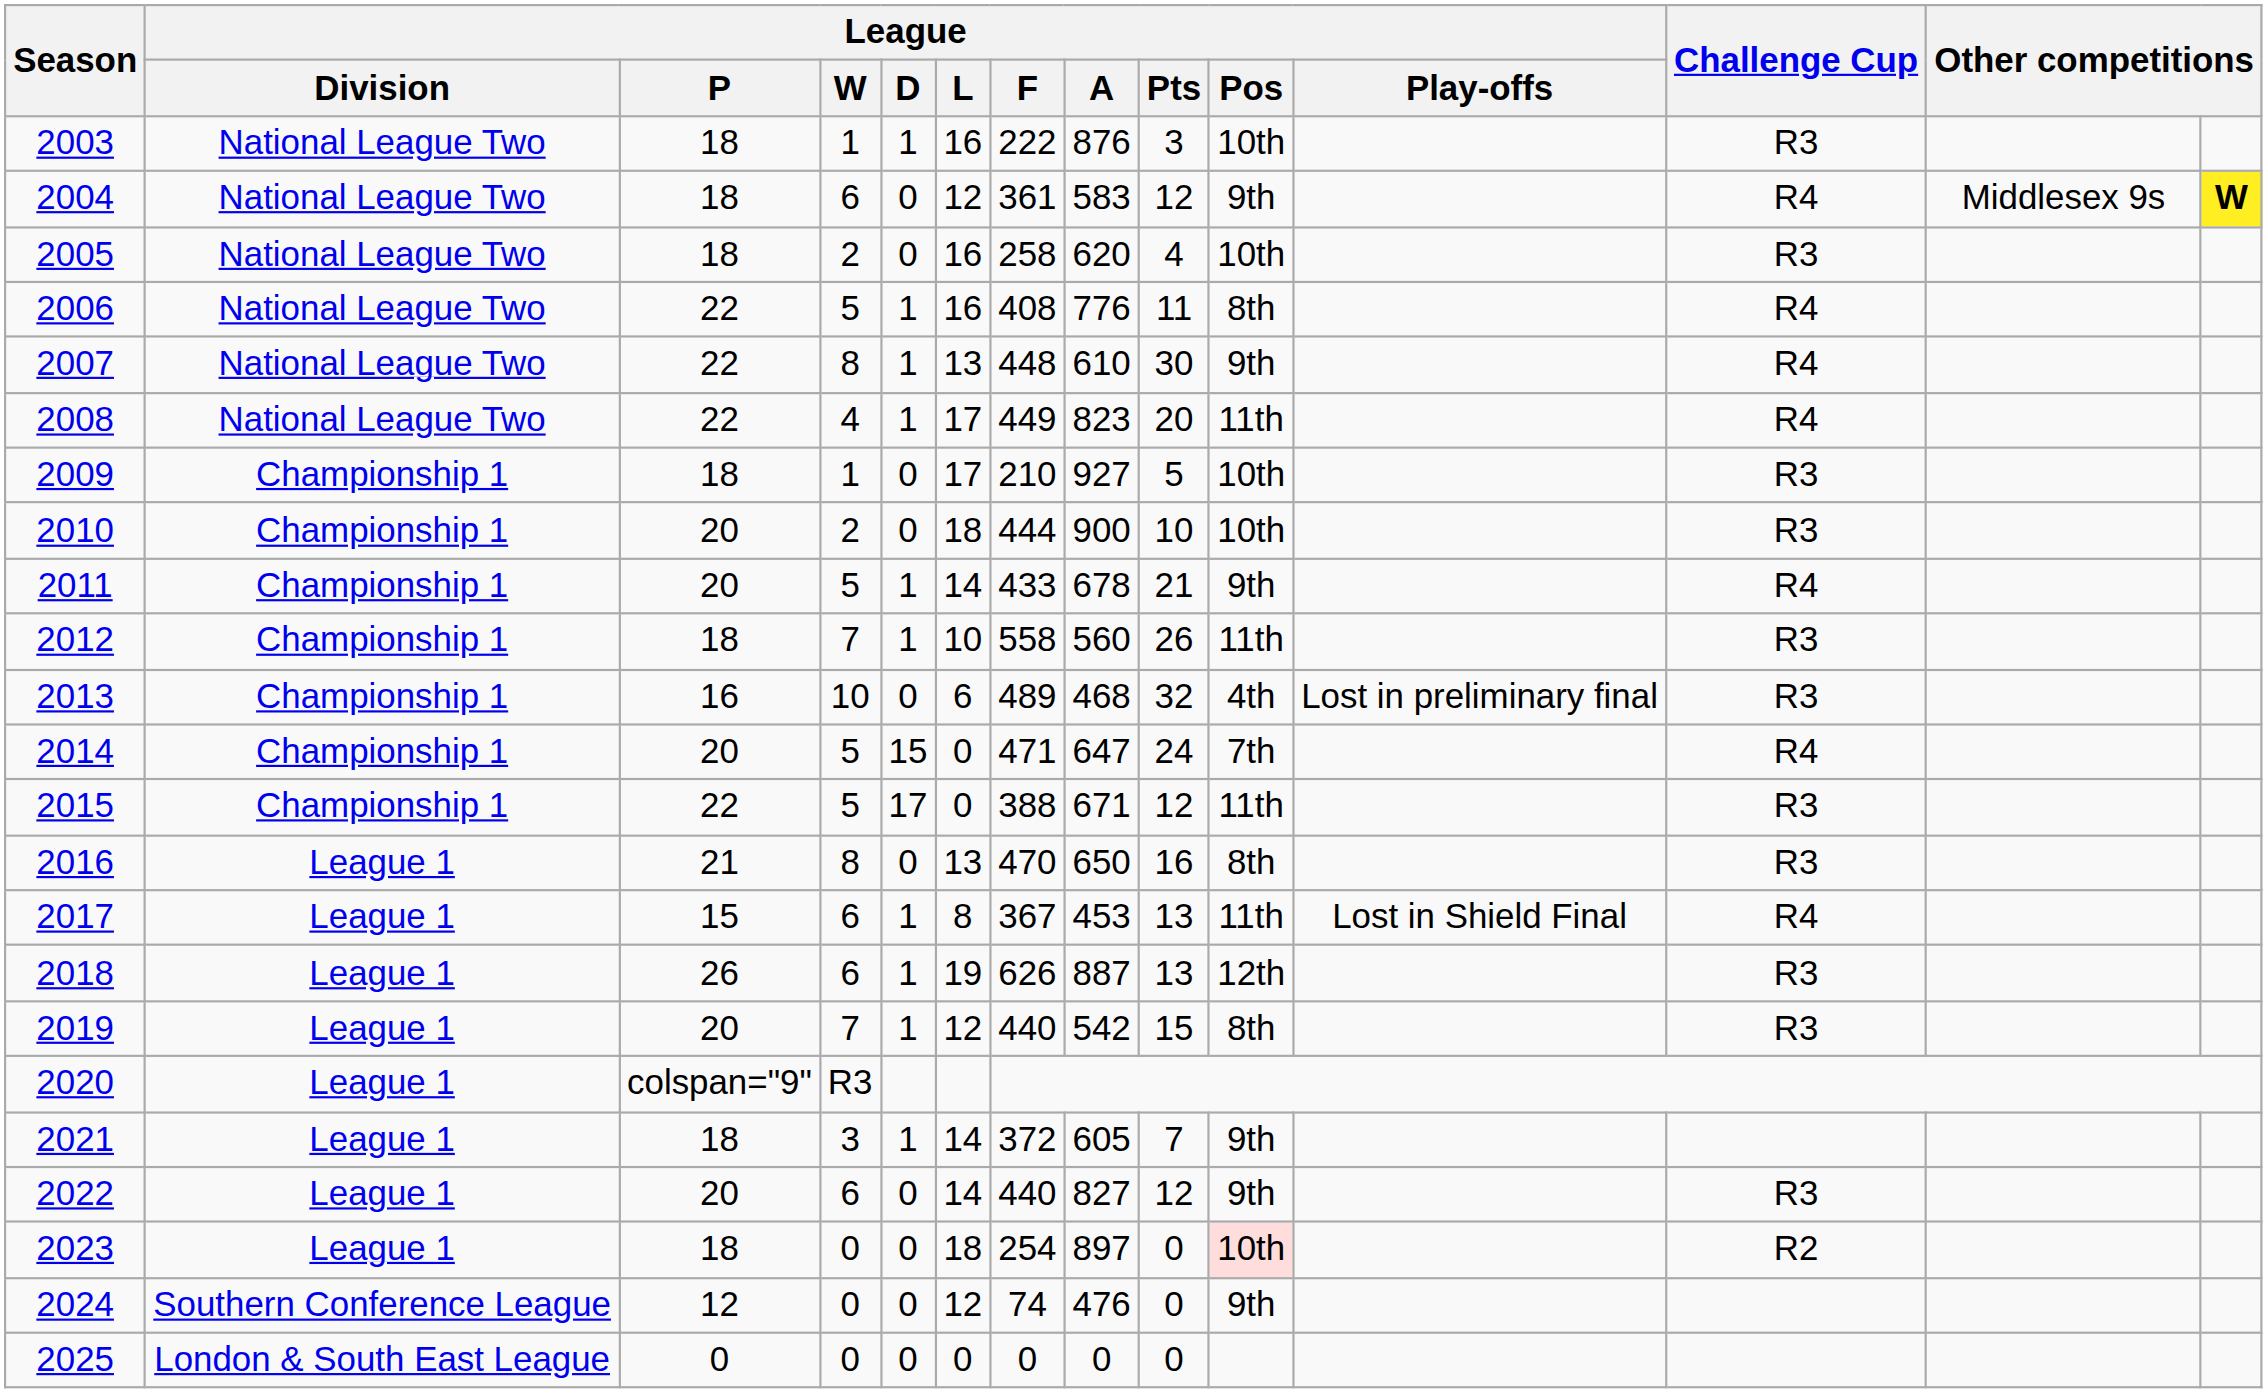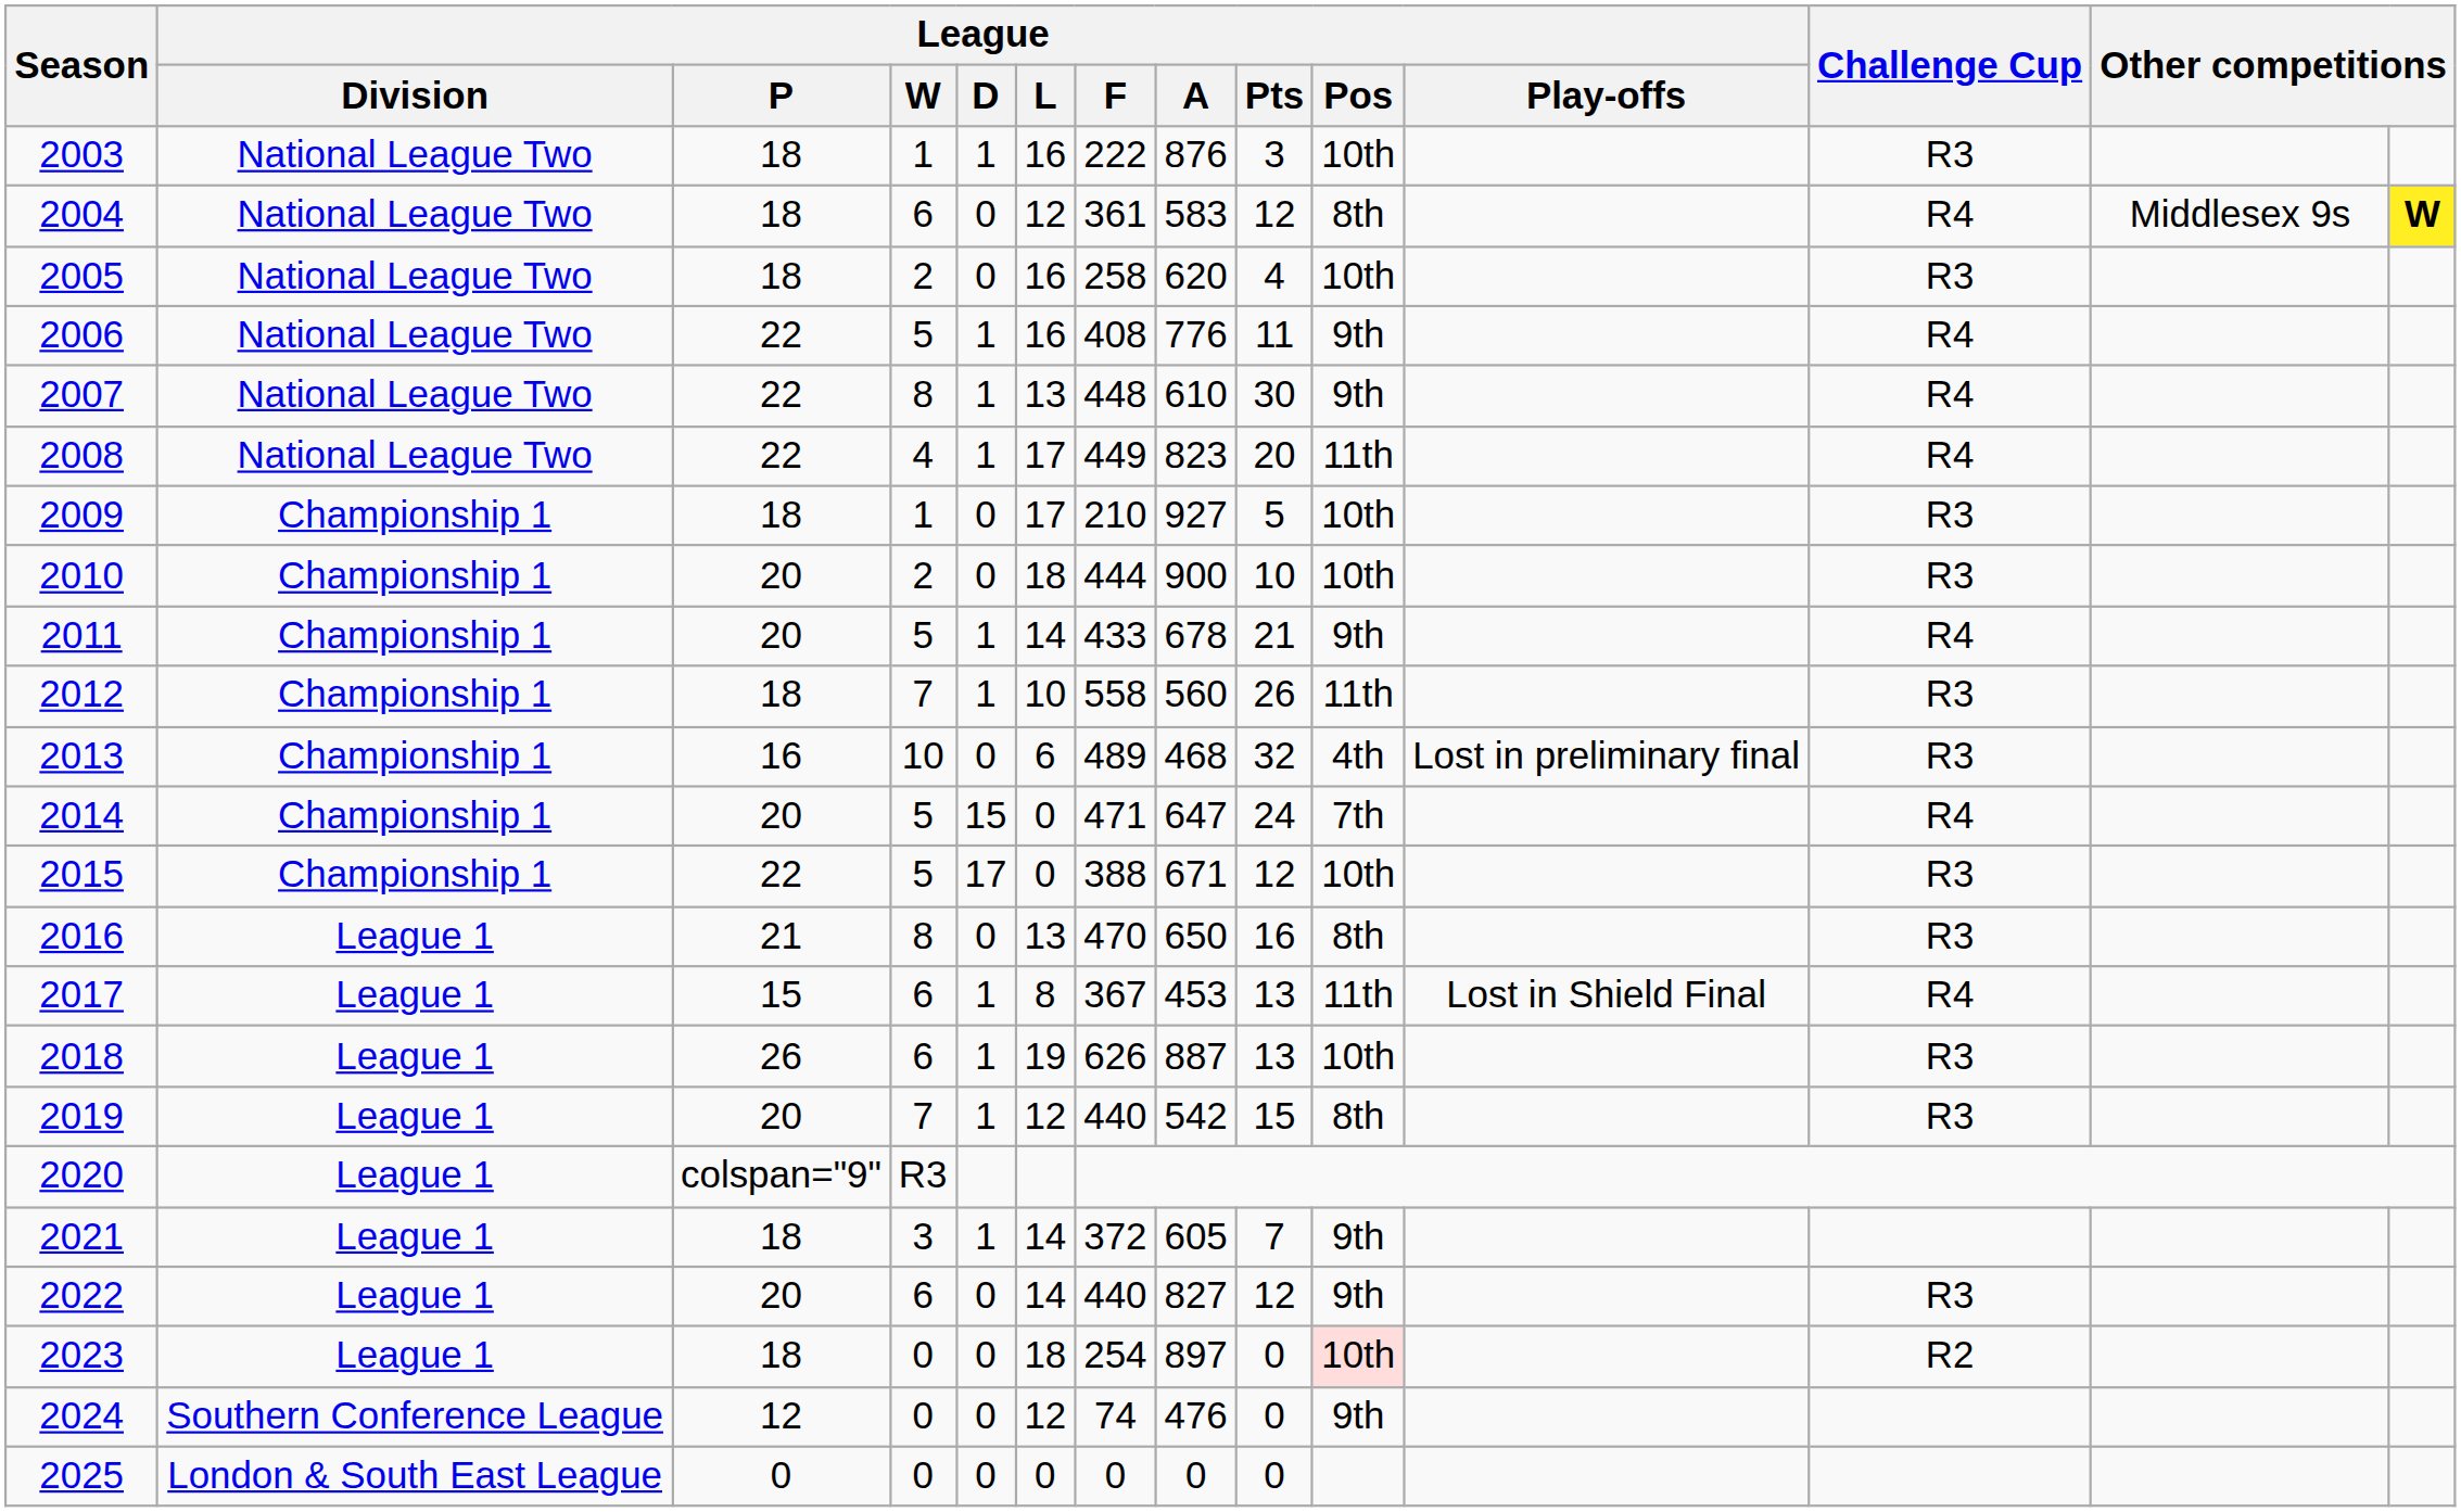 <table class="wikitable" style="text-align: center">
 <tr>
 <th rowspan=2>Season</th>
 <th colspan=10>League</th>
 <th rowspan=2><a href='#'>Challenge Cup</a></th>
 <th colspan="2" rowspan="2" scope="col">Other competitions</th>
 </tr>
 <tr>
 <th>Division</th>
 <th>P</th>
 <th>W</th>
 <th>D</th>
 <th>L</th>
 <th>F</th>
 <th>A</th>
 <th>Pts</th>
 <th>Pos</th>
 <th>Play-offs</th>
 </tr>
 <tr>
 <td><a href='#'>2003</a></td>
 <td><a href='#'>National League Two</a></td>
 <td>18</td>
 <td>1</td>
 <td>1</td>
 <td>16</td>
 <td>222</td>
 <td>876</td>
 <td>3</td>
 <td>10th</td>
 <td></td>
 <td>R3</td>
 <td></td>
 <td></td>
 </tr>
 <tr>
 <td><a href='#'>2004</a></td>
 <td><a href='#'>National League Two</a></td>
 <td>18</td>
 <td>6</td>
 <td>0</td>
 <td>12</td>
 <td>361</td>
 <td>583</td>
 <td>12</td>
-<td>9th</td>
+<td>8th</td>
 <td></td>
 <td>R4</td>
 <td>Middlesex 9s</td>
 <td style="background-color:#FE2"><strong>W</strong></td>
 </tr>
 <tr>
 <td><a href='#'>2005</a></td>
 <td><a href='#'>National League Two</a></td>
 <td>18</td>
 <td>2</td>
 <td>0</td>
 <td>16</td>
 <td>258</td>
 <td>620</td>
 <td>4</td>
 <td>10th</td>
 <td></td>
 <td>R3</td>
 <td></td>
 <td></td>
 </tr>
 <tr>
 <td><a href='#'>2006</a></td>
 <td><a href='#'>National League Two</a></td>
 <td>22</td>
 <td>5</td>
 <td>1</td>
 <td>16</td>
 <td>408</td>
 <td>776</td>
 <td>11</td>
-<td>8th</td>
+<td>9th</td>
 <td></td>
 <td>R4</td>
 <td></td>
 <td></td>
 </tr>
 <tr>
 <td><a href='#'>2007</a></td>
 <td><a href='#'>National League Two</a></td>
 <td>22</td>
 <td>8</td>
 <td>1</td>
 <td>13</td>
 <td>448</td>
 <td>610</td>
 <td>30</td>
 <td>9th</td>
 <td></td>
 <td>R4</td>
 <td></td>
 <td></td>
 </tr>
 <tr>
 <td><a href='#'>2008</a></td>
 <td><a href='#'>National League Two</a></td>
 <td>22</td>
 <td>4</td>
 <td>1</td>
 <td>17</td>
 <td>449</td>
 <td>823</td>
 <td>20</td>
 <td>11th</td>
 <td></td>
 <td>R4</td>
 <td></td>
 <td></td>
 </tr>
 <tr>
 <td><a href='#'>2009</a></td>
 <td><a href='#'>Championship 1</a></td>
 <td>18</td>
 <td>1</td>
 <td>0</td>
 <td>17</td>
 <td>210</td>
 <td>927</td>
 <td>5</td>
 <td>10th</td>
 <td></td>
 <td>R3</td>
 <td></td>
 <td></td>
 </tr>
 <tr>
 <td><a href='#'>2010</a></td>
 <td><a href='#'>Championship 1</a></td>
 <td>20</td>
 <td>2</td>
 <td>0</td>
 <td>18</td>
 <td>444</td>
 <td>900</td>
 <td>10</td>
 <td>10th</td>
 <td></td>
 <td>R3</td>
 <td></td>
 <td></td>
 </tr>
 <tr>
 <td><a href='#'>2011</a></td>
 <td><a href='#'>Championship 1</a></td>
 <td>20</td>
 <td>5</td>
 <td>1</td>
 <td>14</td>
 <td>433</td>
 <td>678</td>
 <td>21</td>
 <td>9th</td>
 <td></td>
 <td>R4</td>
 <td></td>
 <td></td>
 </tr>
 <tr>
 <td><a href='#'>2012</a></td>
 <td><a href='#'>Championship 1</a></td>
 <td>18</td>
 <td>7</td>
 <td>1</td>
 <td>10</td>
 <td>558</td>
 <td>560</td>
 <td>26</td>
 <td>11th</td>
 <td></td>
 <td>R3</td>
 <td></td>
 <td></td>
 </tr>
 <tr>
 <td><a href='#'>2013</a></td>
 <td><a href='#'>Championship 1</a></td>
 <td>16</td>
 <td>10</td>
 <td>0</td>
 <td>6</td>
 <td>489</td>
 <td>468</td>
 <td>32</td>
 <td>4th</td>
 <td>Lost in preliminary final</td>
 <td>R3</td>
 <td></td>
 <td></td>
 </tr>
 <tr>
 <td><a href='#'>2014</a></td>
 <td><a href='#'>Championship 1</a></td>
 <td>20</td>
 <td>5</td>
 <td>15</td>
 <td>0</td>
 <td>471</td>
 <td>647</td>
 <td>24</td>
 <td>7th</td>
 <td></td>
 <td>R4</td>
 <td></td>
 <td></td>
 </tr>
 <tr>
 <td><a href='#'>2015</a></td>
 <td><a href='#'>Championship 1</a></td>
 <td>22</td>
 <td>5</td>
 <td>17</td>
 <td>0</td>
 <td>388</td>
 <td>671</td>
 <td>12</td>
-<td>11th</td>
+<td>10th</td>
 <td></td>
 <td>R3</td>
 <td></td>
 <td></td>
 </tr>
 <tr>
 <td><a href='#'>2016</a></td>
 <td><a href='#'>League 1</a></td>
 <td>21</td>
 <td>8</td>
 <td>0</td>
 <td>13</td>
 <td>470</td>
 <td>650</td>
 <td>16</td>
 <td>8th</td>
 <td></td>
 <td>R3</td>
 <td></td>
 <td></td>
 </tr>
 <tr>
 <td><a href='#'>2017</a></td>
 <td><a href='#'>League 1</a></td>
 <td>15</td>
 <td>6</td>
 <td>1</td>
 <td>8</td>
 <td>367</td>
 <td>453</td>
 <td>13</td>
 <td>11th</td>
 <td>Lost in Shield Final</td>
 <td>R4</td>
 <td></td>
 <td></td>
 </tr>
 <tr>
 <td><a href='#'>2018</a></td>
 <td><a href='#'>League 1</a></td>
 <td>26</td>
 <td>6</td>
 <td>1</td>
 <td>19</td>
 <td>626</td>
 <td>887</td>
 <td>13</td>
-<td>12th</td>
+<td>10th</td>
 <td></td>
 <td>R3</td>
 <td></td>
 <td></td>
 </tr>
 <tr>
 <td><a href='#'>2019</a></td>
 <td><a href='#'>League 1</a></td>
 <td>20</td>
 <td>7</td>
 <td>1</td>
 <td>12</td>
 <td>440</td>
 <td>542</td>
 <td>15</td>
 <td>8th</td>
 <td></td>
 <td>R3</td>
 <td></td>
 <td></td>
 </tr>
 <tr>
 <td><a href='#'>2020</a></td>
 <td><a href='#'>League 1</a></td>
 <td>colspan="9"</td>
 <td>R3</td>
 <td></td>
 <td></td>
 </tr>
 <tr>
 <td><a href='#'>2021</a></td>
 <td><a href='#'>League 1</a></td>
 <td>18</td>
 <td>3</td>
 <td>1</td>
 <td>14</td>
 <td>372</td>
 <td>605</td>
 <td>7</td>
 <td>9th</td>
 <td></td>
 <td></td>
 <td></td>
 <td></td>
 </tr>
 <tr>
 <td><a href='#'>2022</a></td>
 <td><a href='#'>League 1</a></td>
 <td>20</td>
 <td>6</td>
 <td>0</td>
 <td>14</td>
 <td>440</td>
 <td>827</td>
 <td>12</td>
 <td>9th</td>
 <td></td>
 <td>R3</td>
 <td></td>
 <td></td>
 </tr>
 <tr>
 <td><a href='#'>2023</a></td>
 <td><a href='#'>League 1</a></td>
 <td>18</td>
 <td>0</td>
 <td>0</td>
 <td>18</td>
 <td>254</td>
 <td>897</td>
 <td>0</td>
 <td style="background:#ffdddd">10th</td>
 <td></td>
 <td>R2</td>
 <td></td>
 <td></td>
 </tr>
 <tr>
 <td><a href='#'>2024</a></td>
 <td><a href='#'>Southern Conference League</a></td>
 <td>12</td>
 <td>0</td>
 <td>0</td>
 <td>12</td>
 <td>74</td>
 <td>476</td>
 <td>0</td>
 <td>9th</td>
 <td></td>
 <td></td>
 <td></td>
 <td></td>
 </tr>
 <tr>
 <td><a href='#'>2025</a></td>
 <td><a href='#'>London & South East League</a></td>
 <td>0</td>
 <td>0</td>
 <td>0</td>
 <td>0</td>
 <td>0</td>
 <td>0</td>
 <td>0</td>
 <td></td>
 <td></td>
 <td></td>
 <td></td>
 <td></td>
 </tr>
 </table>
